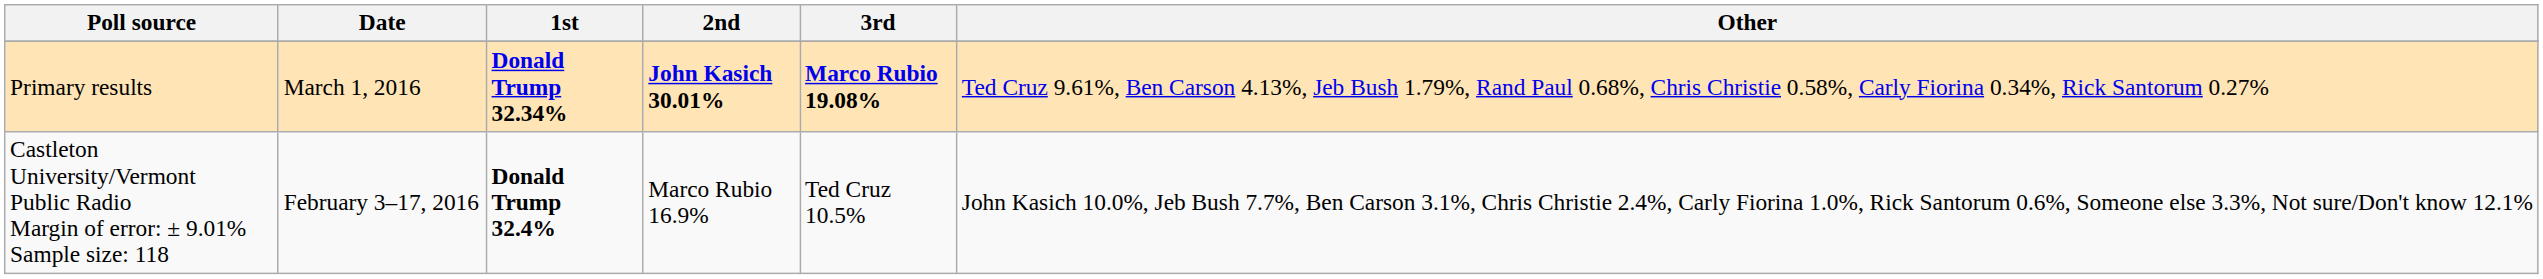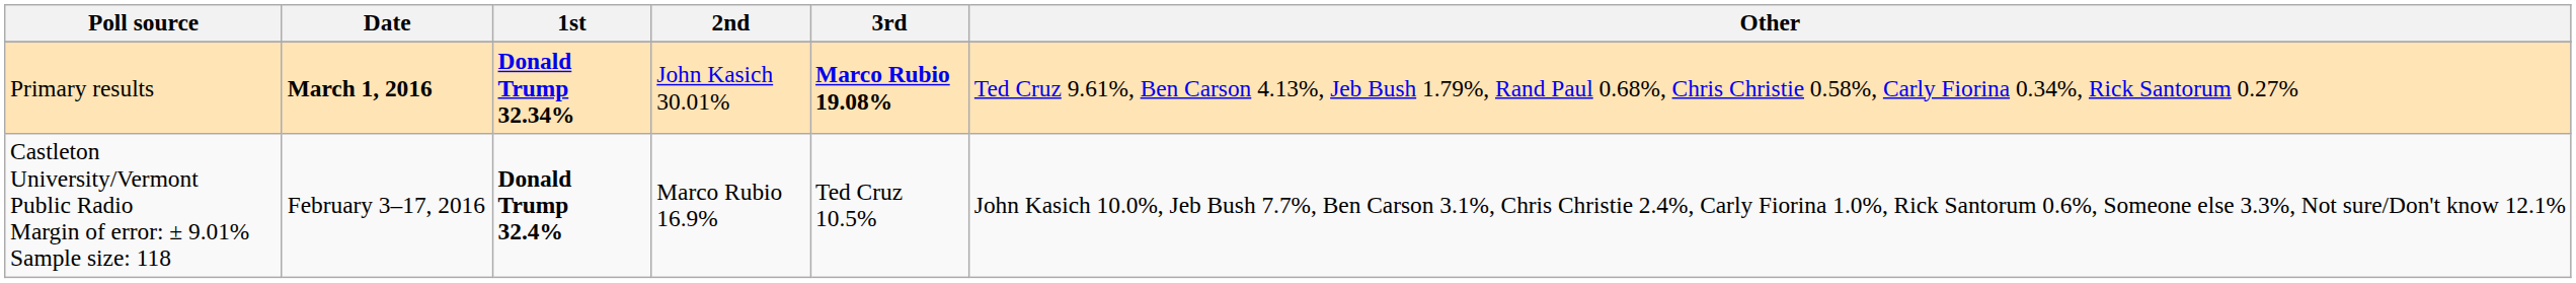 <table class="wikitable">
 <tr>
 <th style="width:180px;">Poll source</th>
 <th style="width:135px;">Date</th>
 <th style="width:100px;">1st</th>
 <th style="width:100px;">2nd</th>
 <th style="width:100px;">3rd</th>
 <th>Other</th>
 </tr>
 <tr>
 </tr>
 <tr>
 </tr>
 <tr style="background:Moccasin;">
 <td>Primary results</td>
-<td>March 1, 2016</td>
+<td><strong>March 1, 2016</strong></td>
 <td><strong><a href='#'>Donald Trump</a><br>32.34%</strong></td>
-<td><strong><a href='#'>John Kasich</a><br>30.01%</strong></td>
+<td><a href='#'>John Kasich</a><br>30.01%</td>
 <td><strong><a href='#'>Marco Rubio</a><br>19.08%</strong></td>
 <td><a href='#'>Ted Cruz</a> 9.61%, <a href='#'>Ben Carson</a> 4.13%, <a href='#'>Jeb Bush</a> 1.79%, <a href='#'>Rand Paul</a> 0.68%, <a href='#'>Chris Christie</a> 0.58%, <a href='#'>Carly Fiorina</a> 0.34%, <a href='#'>Rick Santorum</a> 0.27%</td>
 </tr>
 <tr>
 <td>Castleton University/Vermont<br>Public Radio<br>Margin of error: ± 9.01% Sample size: 118</td>
 <td>February 3–17, 2016</td>
 <td><strong>Donald Trump<br>32.4%</strong></td>
 <td>Marco Rubio<br>16.9%</td>
 <td>Ted Cruz<br>10.5%</td>
 <td>John Kasich 10.0%, Jeb Bush 7.7%, Ben Carson 3.1%, Chris Christie 2.4%, Carly Fiorina 1.0%, Rick Santorum 0.6%, Someone else 3.3%, Not sure/Don't know 12.1%</td>
 </tr>
 </table>
